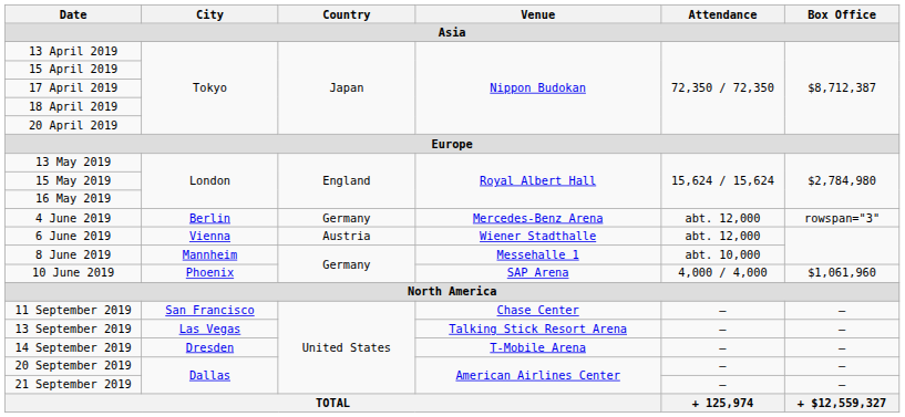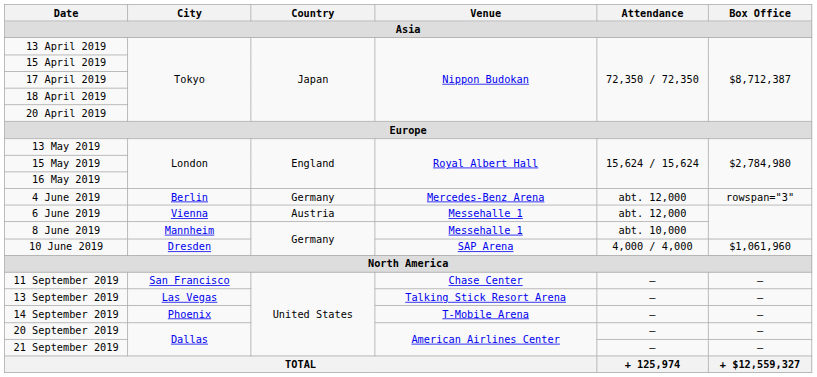 <table class="wikitable" style="text-align:center;">
 <tr>
 <th width="150">Date</th>
 <th width="150">City</th>
 <th width="150">Country</th>
 <th width="275">Venue</th>
 <th width="135">Attendance</th>
 <th width="125">Box Office</th>
 </tr>
 <tr>
 <td colspan="6" style="background:#ddd;"><strong>Asia</strong></td>
 </tr>
 <tr>
 <td>13 April 2019</td>
 <td rowspan="5">Tokyo</td>
 <td rowspan="5">Japan</td>
 <td rowspan="5"><a href='#'>Nippon Budokan</a></td>
 <td rowspan="5">72,350 / 72,350</td>
 <td rowspan="5">$8,712,387</td>
 </tr>
 <tr>
 <td>15 April 2019</td>
 </tr>
 <tr>
 <td>17 April 2019</td>
 </tr>
 <tr>
 <td>18 April 2019</td>
 </tr>
 <tr>
 <td>20 April 2019</td>
 </tr>
 <tr>
 <td colspan="6" style="background:#ddd;"><strong>Europe</strong></td>
 </tr>
 <tr>
 <td>13 May 2019</td>
 <td rowspan="3">London</td>
 <td rowspan="3">England</td>
 <td rowspan="3"><a href='#'>Royal Albert Hall</a></td>
 <td rowspan="3">15,624 / 15,624</td>
 <td rowspan="3">$2,784,980</td>
 </tr>
 <tr>
 <td>15 May 2019</td>
 </tr>
 <tr>
 <td>16 May 2019</td>
 </tr>
 <tr>
 <td>4 June 2019</td>
 <td><a href='#'>Berlin</a></td>
 <td>Germany</td>
 <td><a href='#'>Mercedes-Benz Arena</a></td>
 <td>abt. 12,000</td>
 <td>rowspan="3" </td>
 </tr>
 <tr>
 <td>6 June 2019</td>
 <td><a href='#'>Vienna</a></td>
 <td>Austria</td>
-<td><a href='#'>Wiener Stadthalle</a></td>
+<td><a href='#'>Messehalle 1</a></td>
 <td>abt. 12,000</td>
 </tr>
 <tr>
 <td>8 June 2019</td>
 <td><a href='#'>Mannheim</a></td>
 <td rowspan="2">Germany</td>
 <td><a href='#'>Messehalle 1</a></td>
 <td>abt. 10,000</td>
 </tr>
 <tr>
 <td>10 June 2019</td>
-<td><a href='#'>Phoenix</a></td>
+<td><a href='#'>Dresden</a></td>
 <td><a href='#'>SAP Arena</a></td>
 <td>4,000 / 4,000</td>
 <td>$1,061,960</td>
 </tr>
 <tr>
 <td colspan="6" style="background:#ddd;"><strong>North America</strong></td>
 </tr>
 <tr>
 <td>11 September 2019</td>
 <td><a href='#'>San Francisco</a></td>
 <td rowspan="5">United States</td>
 <td><a href='#'>Chase Center</a></td>
 <td>—</td>
 <td>—</td>
 </tr>
 <tr>
 <td>13 September 2019</td>
 <td><a href='#'>Las Vegas</a></td>
 <td><a href='#'>Talking Stick Resort Arena</a></td>
 <td>—</td>
 <td>—</td>
 </tr>
 <tr>
 <td>14 September 2019</td>
-<td><a href='#'>Dresden</a></td>
+<td><a href='#'>Phoenix</a></td>
 <td><a href='#'>T-Mobile Arena</a></td>
 <td>—</td>
 <td>—</td>
 </tr>
 <tr>
 <td>20 September 2019</td>
 <td rowspan="2"><a href='#'>Dallas</a></td>
 <td rowspan="2"><a href='#'>American Airlines Center</a></td>
 <td>—</td>
 <td>—</td>
 </tr>
 <tr>
 <td>21 September 2019</td>
 <td>—</td>
 <td>—</td>
 </tr>
 <tr>
 <th colspan="4">TOTAL</th>
 <th>+ 125,974</th>
 <th>+ $12,559,327</th>
 </tr>
 </table>
